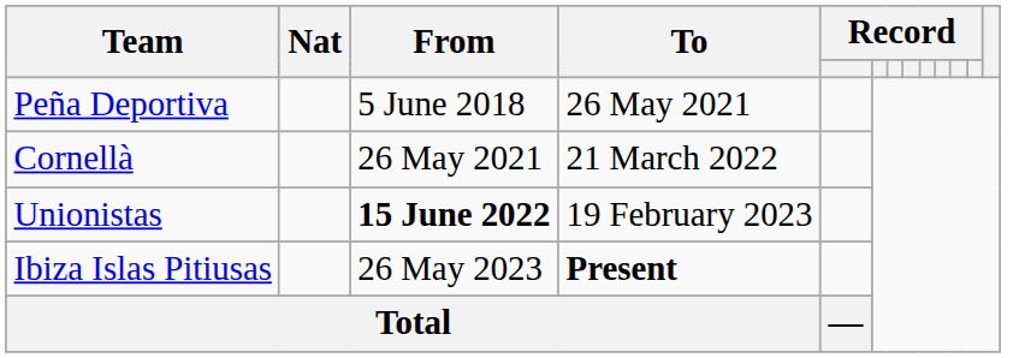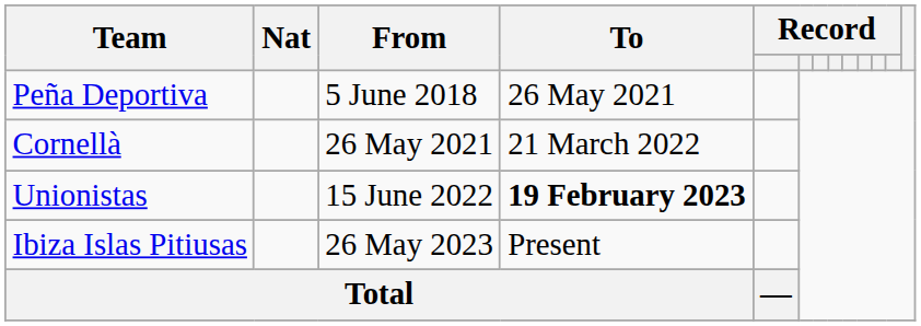 <table class="wikitable" style="text-align: center">
 <tr>
 <th rowspan="2">Team</th>
 <th rowspan="2">Nat</th>
 <th rowspan="2">From</th>
 <th rowspan="2">To</th>
 <th colspan="8">Record</th>
 <th rowspan=2></th>
 </tr>
 <tr>
 <th></th>
 <th></th>
 <th></th>
 <th></th>
 <th></th>
 <th></th>
 <th></th>
 <th></th>
 </tr>
 <tr>
 <td align=left><a href='#'>Peña Deportiva</a></td>
 <td></td>
 <td align=left>5 June 2018</td>
 <td align=left>26 May 2021<br></td>
 <td></td>
 </tr>
 <tr>
 <td align=left><a href='#'>Cornellà</a></td>
 <td></td>
 <td align=left>26 May 2021</td>
 <td align=left>21 March 2022<br></td>
 <td></td>
 </tr>
 <tr>
 <td align=left><a href='#'>Unionistas</a></td>
 <td></td>
-<td align=left><strong>15 June 2022</strong></td>
-<td align=left>19 February 2023<br></td>
+<td align=left>15 June 2022</td>
+<td align=left><strong>19 February 2023<br></strong></td>
 <td></td>
 </tr>
 <tr>
 <td align=left><a href='#'>Ibiza Islas Pitiusas</a></td>
 <td></td>
 <td align=left>26 May 2023</td>
-<td align=left><strong>Present<br></strong></td>
+<td align=left>Present<br></td>
 <td></td>
 </tr>
 <tr>
 <th colspan="4">Total<br></th>
 <th>—</th>
 </tr>
 </table>
